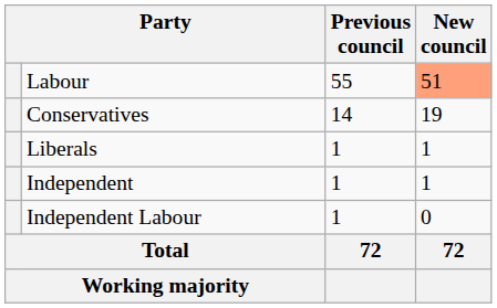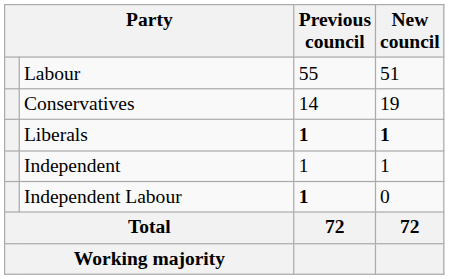 <table class="wikitable">
 <tr>
 <th valign=top colspan="2" style="width: 230px">Party</th>
 <th valign=top style="width: 30px">Previous council</th>
 <th valign=top style="width: 30px">New council</th>
 </tr>
 <tr>
 <th style="background-color: "></th>
 <td>Labour</td>
 <td>55</td>
-<td style="background: lightsalmon;">51</td>
+<td>51</td>
 </tr>
 <tr>
 <th style="background-color: "></th>
 <td>Conservatives</td>
 <td>14</td>
 <td>19</td>
 </tr>
 <tr>
 <th style="background-color: "></th>
 <td>Liberals</td>
-<td>1</td>
-<td>1</td>
+<td><strong>1</strong></td>
+<td><strong>1</strong></td>
 </tr>
 <tr>
 <th style="background-color: "></th>
 <td>Independent</td>
 <td>1</td>
 <td>1</td>
 </tr>
 <tr>
 <th style="background-color: "></th>
 <td>Independent Labour</td>
-<td>1</td>
+<td><strong>1</strong></td>
 <td>0</td>
 </tr>
 <tr>
 <th colspan=2>Total</th>
 <th style="text-align: center">72</th>
 <th colspan=3>72</th>
 </tr>
 <tr>
 <th colspan=2>Working majority</th>
 <th></th>
 <th></th>
 </tr>
 </table>
